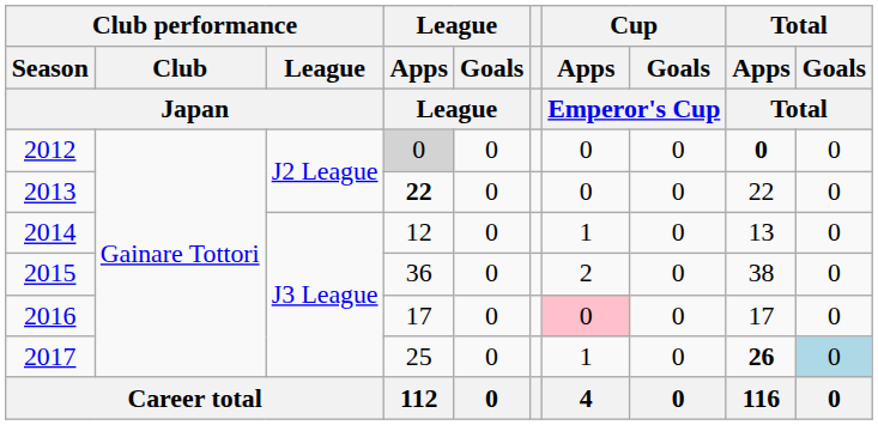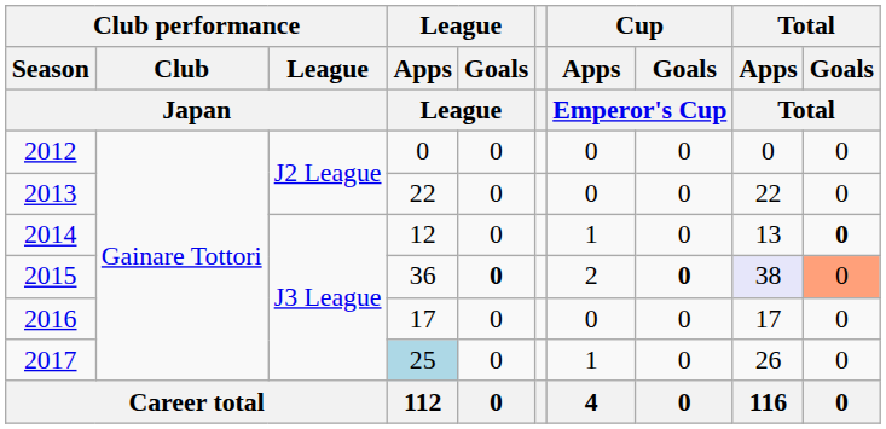 <table class="wikitable" style="text-align:center">
 <tr>
 <th colspan=3>Club performance</th>
 <th colspan=2>League</th>
 <th></th>
 <th colspan="2">Cup</th>
 <th colspan=2>Total</th>
 </tr>
 <tr>
 <th>Season</th>
 <th>Club</th>
 <th>League</th>
 <th>Apps</th>
 <th>Goals</th>
 <th></th>
 <th>Apps</th>
 <th>Goals</th>
 <th>Apps</th>
 <th>Goals</th>
 </tr>
 <tr>
 <th colspan=3>Japan</th>
 <th colspan=2>League</th>
 <th></th>
 <th colspan="2"><a href='#'>Emperor's Cup</a></th>
 <th colspan=2>Total</th>
 </tr>
 <tr>
 <td><a href='#'>2012</a></td>
 <td rowspan="6"><a href='#'>Gainare Tottori</a></td>
 <td rowspan="2"><a href='#'>J2 League</a></td>
-<td style="background: lightgrey;">0</td>
+<td>0</td>
 <td>0</td>
 <td></td>
 <td>0</td>
 <td>0</td>
-<td><strong>0</strong></td>
+<td>0</td>
 <td>0</td>
 </tr>
 <tr>
 <td><a href='#'>2013</a></td>
-<td><strong>22</strong></td>
+<td>22</td>
 <td>0</td>
 <td></td>
 <td>0</td>
 <td>0</td>
 <td>22</td>
 <td>0</td>
 </tr>
 <tr>
 <td><a href='#'>2014</a></td>
 <td rowspan="4"><a href='#'>J3 League</a></td>
 <td>12</td>
 <td>0</td>
 <td></td>
 <td>1</td>
 <td>0</td>
 <td>13</td>
-<td>0</td>
+<td><strong>0</strong></td>
 </tr>
 <tr>
 <td><a href='#'>2015</a></td>
 <td>36</td>
-<td>0</td>
+<td><strong>0</strong></td>
 <td></td>
 <td>2</td>
-<td>0</td>
-<td>38</td>
-<td>0</td>
+<td><strong>0</strong></td>
+<td style="background: lavender;">38</td>
+<td style="background: lightsalmon;">0</td>
 </tr>
 <tr>
 <td><a href='#'>2016</a></td>
 <td>17</td>
 <td>0</td>
 <td></td>
-<td style="background: pink;">0</td>
+<td>0</td>
 <td>0</td>
 <td>17</td>
 <td>0</td>
 </tr>
 <tr>
 <td><a href='#'>2017</a></td>
-<td>25</td>
+<td style="background: lightblue;">25</td>
 <td>0</td>
 <td></td>
 <td>1</td>
 <td>0</td>
-<td><strong>26</strong></td>
-<td style="background: lightblue;">0</td>
+<td>26</td>
+<td>0</td>
 </tr>
 <tr>
 <th colspan=3>Career total</th>
 <th>112</th>
 <th>0</th>
 <th></th>
 <th>4</th>
 <th>0</th>
 <th>116</th>
 <th>0</th>
 </tr>
 </table>
